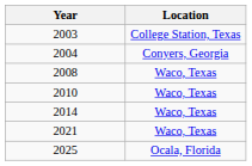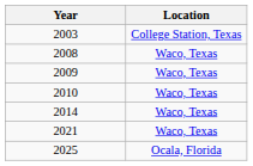 <table class="wikitable"; style= "text-align:center">
 <tr>
 <th width=150px>Year</th>
 <th width=150px>Location</th>
 </tr>
 <tr>
 <td>2003</td>
 <td><a href='#'>College Station, Texas</a></td>
 </tr>
 <tr>
-<td>2004</td>
-<td><a href='#'>Conyers, Georgia</a></td>
+<td>2008</td>
+<td><a href='#'>Waco, Texas</a></td>
 </tr>
 <tr>
-<td>2008</td>
+<td>2009</td>
 <td><a href='#'>Waco, Texas</a></td>
 </tr>
 <tr>
 <td>2010</td>
 <td><a href='#'>Waco, Texas</a></td>
 </tr>
 <tr>
 <td>2014</td>
 <td><a href='#'>Waco, Texas</a></td>
 </tr>
 <tr>
 <td>2021</td>
 <td><a href='#'>Waco, Texas</a></td>
 </tr>
 <tr>
 <td>2025</td>
 <td><a href='#'>Ocala, Florida</a></td>
 </tr>
 </table>
